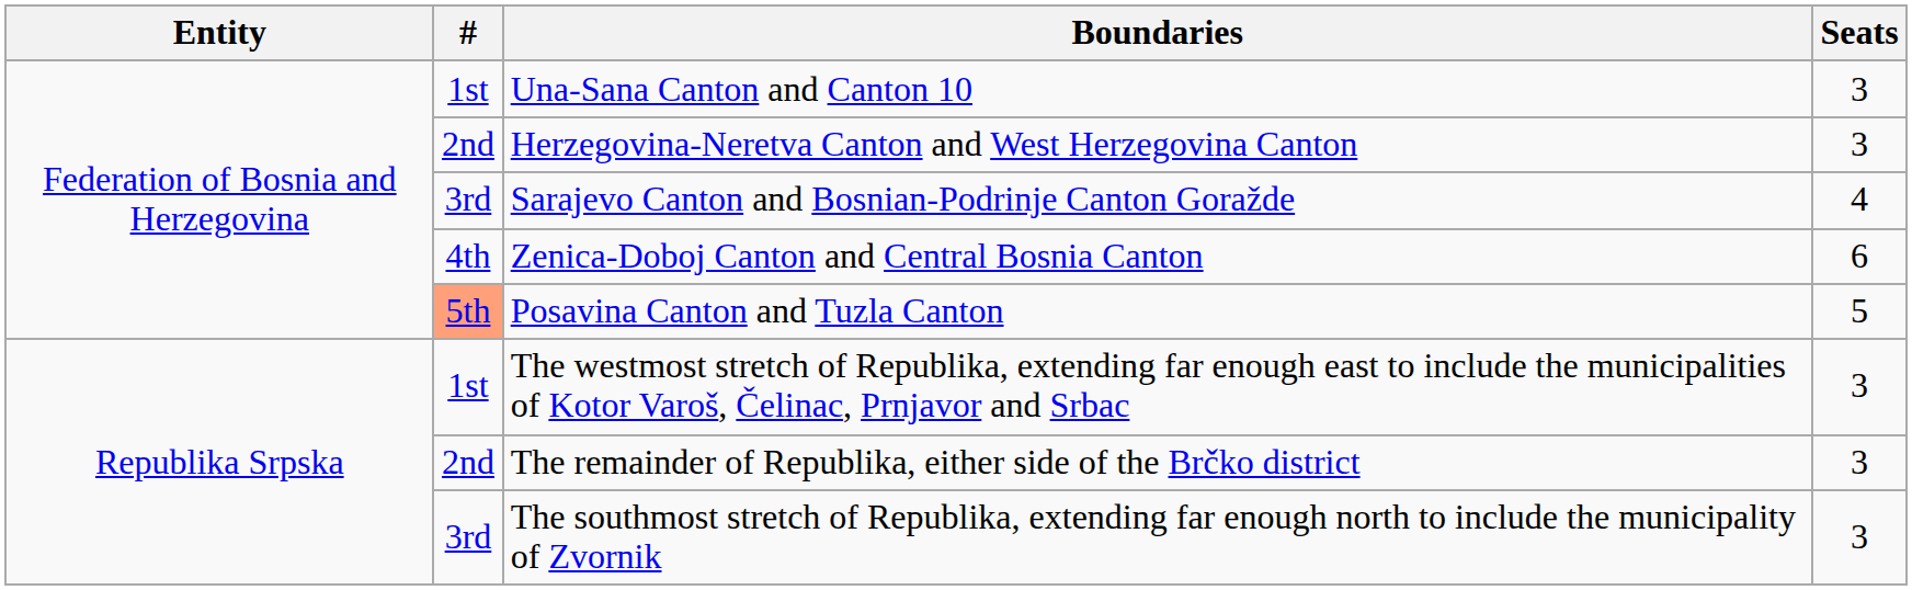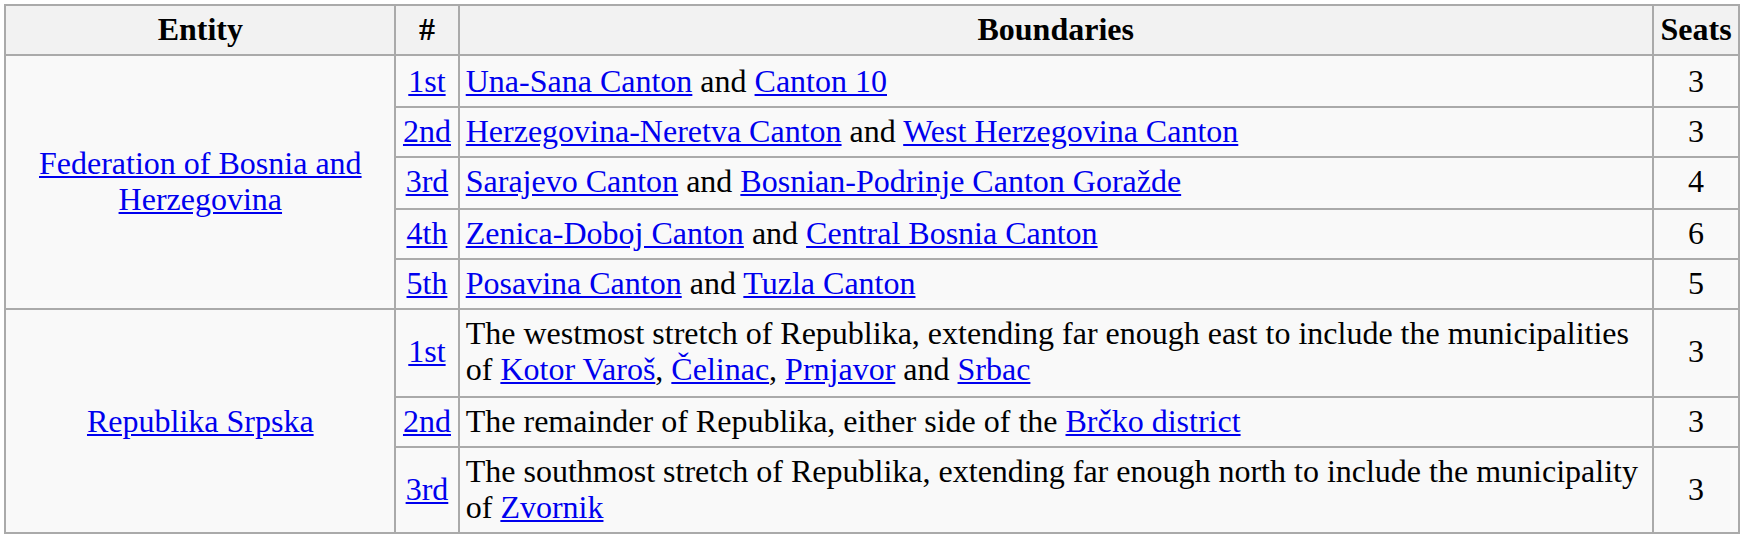 <table class="wikitable sortable">
 <tr>
 <th>Entity</th>
 <th>#</th>
 <th>Boundaries</th>
 <th>Seats</th>
 </tr>
 <tr>
 <td rowspan=5 style="text-align:center"><a href='#'>Federation of Bosnia and Herzegovina</a></td>
 <td style="text-align:center"><a href='#'>1st</a></td>
 <td><a href='#'>Una-Sana Canton</a> and <a href='#'>Canton 10</a></td>
 <td style="text-align:center">3</td>
 </tr>
 <tr>
 <td style="text-align:center"><a href='#'>2nd</a></td>
 <td><a href='#'>Herzegovina-Neretva Canton</a> and <a href='#'>West Herzegovina Canton</a></td>
 <td style="text-align:center">3</td>
 </tr>
 <tr>
 <td style="text-align:center"><a href='#'>3rd</a></td>
 <td><a href='#'>Sarajevo Canton</a> and <a href='#'>Bosnian-Podrinje Canton Goražde</a></td>
 <td style="text-align:center">4</td>
 </tr>
 <tr>
 <td style="text-align:center"><a href='#'>4th</a></td>
 <td><a href='#'>Zenica-Doboj Canton</a> and <a href='#'>Central Bosnia Canton</a></td>
 <td style="text-align:center">6</td>
 </tr>
 <tr>
-<td style="background: lightsalmon; text-align:center"><a href='#'>5th</a></td>
+<td style="text-align:center"><a href='#'>5th</a></td>
 <td><a href='#'>Posavina Canton</a> and <a href='#'>Tuzla Canton</a></td>
 <td style="text-align:center">5</td>
 </tr>
 <tr>
 <td rowspan=3 style="text-align:center"><a href='#'>Republika Srpska</a></td>
 <td style="text-align:center"><a href='#'>1st</a></td>
 <td>The westmost stretch of Republika, extending far enough east to include the municipalities of <a href='#'>Kotor Varoš</a>, <a href='#'>Čelinac</a>, <a href='#'>Prnjavor</a> and <a href='#'>Srbac</a></td>
 <td style="text-align:center">3</td>
 </tr>
 <tr>
 <td style="text-align:center"><a href='#'>2nd</a></td>
 <td>The remainder of Republika, either side of the <a href='#'>Brčko district</a></td>
 <td style="text-align:center">3</td>
 </tr>
 <tr>
 <td style="text-align:center"><a href='#'>3rd</a></td>
 <td>The southmost stretch of Republika, extending far enough north to include the municipality of <a href='#'>Zvornik</a></td>
 <td style="text-align:center">3</td>
 </tr>
 </table>
